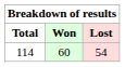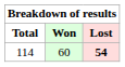 <table class="wikitable" style="text-align:center">
 <tr>
 <th colspan="3" style="background: #ffffff"><strong>Breakdown of results</strong></th>
 </tr>
 <tr>
 <td style="background: #ffffff;"><strong>Total</strong></td>
 <td style="background: #ddffdd;"><strong>Won</strong></td>
 <td style="background: #ffdddd;"><strong>Lost</strong></td>
 </tr>
 <tr>
 <td style="background: #ffffff;">114</td>
 <td style="background: #ddffdd;">60</td>
-<td style="background: #ffdddd;">54</td>
+<td style="background: #ffdddd;"><strong>54</strong></td>
 </tr>
 </table>
